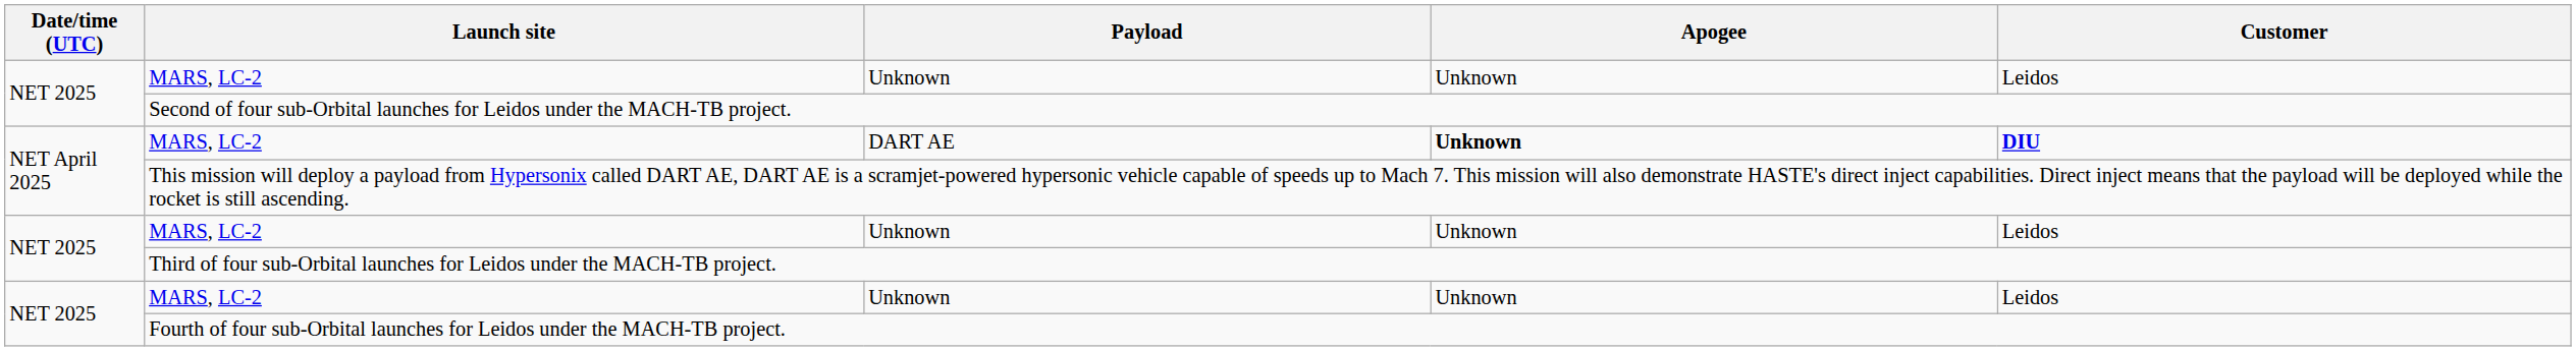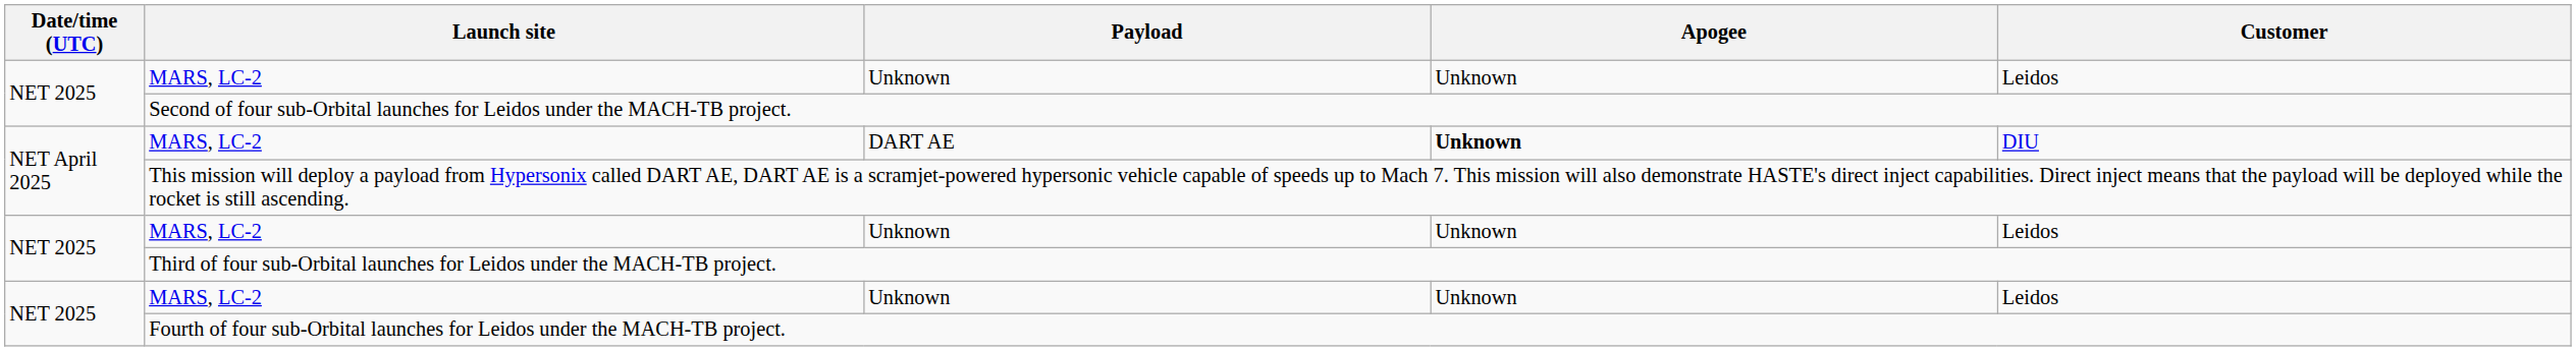 <table class="wikitable" style="width: 100%">
 <tr>
 <th>Date/time<br>(<a href='#'>UTC</a>)</th>
 <th>Launch site</th>
 <th>Payload</th>
 <th>Apogee</th>
 <th>Customer</th>
 </tr>
 <tr>
 <td rowspan="2">NET 2025</td>
 <td><a href='#'>MARS</a>, <a href='#'>LC-2</a></td>
 <td>Unknown</td>
 <td>Unknown</td>
 <td>Leidos</td>
 </tr>
 <tr>
 <td colspan="4">Second of four sub-Orbital launches for Leidos under the MACH-TB project.</td>
 </tr>
 <tr>
 <td rowspan="2">NET April 2025</td>
 <td><a href='#'>MARS</a>, <a href='#'>LC-2</a></td>
 <td>DART AE</td>
 <td><strong>Unknown</strong></td>
-<td><strong><a href='#'>DIU</a></strong></td>
+<td><a href='#'>DIU</a></td>
 </tr>
 <tr>
 <td colspan="4">This mission will deploy a payload from <a href='#'>Hypersonix</a> called DART AE, DART AE is a scramjet-powered hypersonic vehicle capable of speeds up to Mach 7. This mission will also demonstrate HASTE's direct inject capabilities. Direct inject means that the payload will be deployed while the rocket is still ascending.</td>
 </tr>
 <tr>
 <td rowspan="2">NET 2025</td>
 <td><a href='#'>MARS</a>, <a href='#'>LC-2</a></td>
 <td>Unknown</td>
 <td>Unknown</td>
 <td>Leidos</td>
 </tr>
 <tr>
 <td colspan="4">Third of four sub-Orbital launches for Leidos under the MACH-TB project.</td>
 </tr>
 <tr>
 <td rowspan="2">NET 2025</td>
 <td><a href='#'>MARS</a>, <a href='#'>LC-2</a></td>
 <td>Unknown</td>
 <td>Unknown</td>
 <td>Leidos</td>
 </tr>
 <tr>
 <td colspan="4">Fourth of four sub-Orbital launches for Leidos under the MACH-TB project.</td>
 </tr>
 </table>
